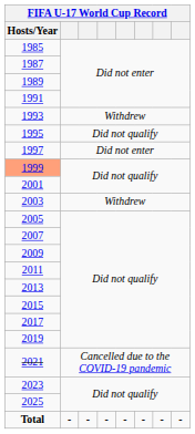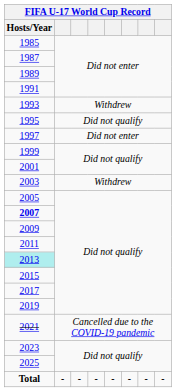 <table class="wikitable" style="text-align: center;">
 <tr>
 <th colspan=8><a href='#'>FIFA U-17 World Cup Record</a></th>
 </tr>
 <tr>
 <th>Hosts/Year</th>
 <th width=20></th>
 <th width=20></th>
 <th width=20></th>
 <th width=20></th>
 <th width=20></th>
 <th width=20></th>
 <th width=20></th>
 </tr>
 <tr>
 <td> <a href='#'>1985</a></td>
 <td colspan=7 rowspan=4><em>Did not enter</em></td>
 </tr>
 <tr>
 <td> <a href='#'>1987</a></td>
 </tr>
 <tr>
 <td> <a href='#'>1989</a></td>
 </tr>
 <tr>
 <td> <a href='#'>1991</a></td>
 </tr>
 <tr>
 <td> <a href='#'>1993</a></td>
 <td colspan=7 rowspan=1><em>Withdrew</em></td>
 </tr>
 <tr>
 <td> <a href='#'>1995</a></td>
 <td colspan=7 rowspan=1><em>Did not qualify</em></td>
 </tr>
 <tr>
 <td> <a href='#'>1997</a></td>
 <td colspan=7 rowspan=1><em>Did not enter</em></td>
 </tr>
 <tr>
-<td style="background: lightsalmon;"> <a href='#'>1999</a></td>
+<td> <a href='#'>1999</a></td>
 <td colspan=7 rowspan=2><em>Did not qualify</em></td>
 </tr>
 <tr>
 <td> <a href='#'>2001</a></td>
 </tr>
 <tr>
 <td> <a href='#'>2003</a></td>
 <td colspan=7 rowspan=1><em>Withdrew</em></td>
 </tr>
 <tr>
 <td> <a href='#'>2005</a></td>
 <td colspan=7 rowspan=8><em>Did not qualify</em></td>
 </tr>
 <tr>
-<td> <a href='#'>2007</a></td>
+<td><strong> <a href='#'>2007</a></strong></td>
 </tr>
 <tr>
 <td> <a href='#'>2009</a></td>
 </tr>
 <tr>
 <td> <a href='#'>2011</a></td>
 </tr>
 <tr>
-<td> <a href='#'>2013</a></td>
+<td style="background: paleturquoise;"> <a href='#'>2013</a></td>
 </tr>
 <tr>
 <td> <a href='#'>2015</a></td>
 </tr>
 <tr>
 <td> <a href='#'>2017</a></td>
 </tr>
 <tr>
 <td> <a href='#'>2019</a></td>
 </tr>
 <tr>
 <td> <s><a href='#'>2021</a></s></td>
 <td colspan=7 rowspan=1><em>Cancelled due to the <a href='#'>COVID-19 pandemic</a></em></td>
 </tr>
 <tr>
 <td> <a href='#'>2023</a></td>
 <td colspan=7 rowspan=2><em>Did not qualify</em></td>
 </tr>
 <tr>
 <td> <a href='#'>2025</a></td>
 </tr>
 <tr>
 <td><strong>Total</strong></td>
 <td><strong>-</strong></td>
 <td><strong>-</strong></td>
 <td><strong>-</strong></td>
 <td><strong>-</strong></td>
 <td><strong>-</strong></td>
 <td><strong>-</strong></td>
 <td><strong>-</strong></td>
 </tr>
 </table>
